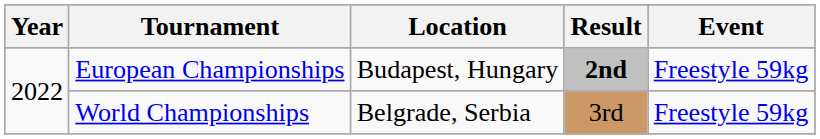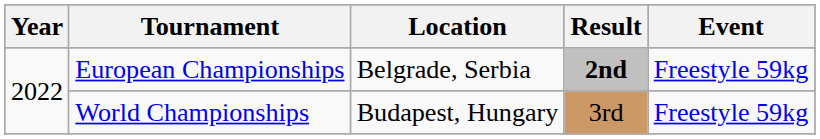 <table class="wikitable" style="font-size:95%;">
 <tr>
 <th>Year</th>
 <th>Tournament</th>
 <th>Location</th>
 <th>Result</th>
 <th>Event</th>
 </tr>
 <tr>
 <td rowspan=2>2022</td>
 <td><a href='#'>European Championships</a></td>
-<td>Budapest, Hungary</td>
+<td>Belgrade, Serbia</td>
 <td align="center" bgcolor="silver"><strong>2nd</strong></td>
 <td><a href='#'>Freestyle 59kg</a></td>
 </tr>
 <tr>
 <td><a href='#'>World Championships</a></td>
-<td>Belgrade, Serbia</td>
+<td>Budapest, Hungary</td>
 <td align="center" bgcolor="cc9966">3rd</td>
 <td><a href='#'>Freestyle 59kg</a></td>
 </tr>
 </table>
